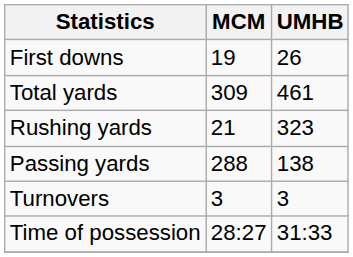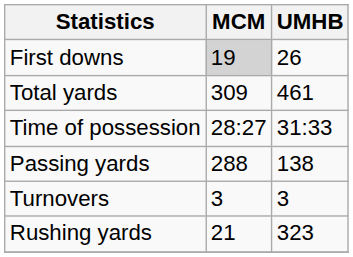 <table class="wikitable">
 <tr>
 <th>Statistics</th>
 <th>MCM</th>
 <th>UMHB</th>
 </tr>
 <tr>
 <td>First downs</td>
-<td>19</td>
+<td style="background: lightgrey;">19</td>
 <td>26</td>
 </tr>
 <tr>
 <td>Total yards</td>
 <td>309</td>
 <td>461</td>
 </tr>
 <tr>
-<td>Rushing yards</td>
-<td>21</td>
-<td>323</td>
+<td>Time of possession</td>
+<td>28:27</td>
+<td>31:33</td>
 </tr>
 <tr>
 <td>Passing yards</td>
 <td>288</td>
 <td>138</td>
 </tr>
 <tr>
 <td>Turnovers</td>
 <td>3</td>
 <td>3</td>
 </tr>
 <tr>
-<td>Time of possession</td>
-<td>28:27</td>
-<td>31:33</td>
+<td>Rushing yards</td>
+<td>21</td>
+<td>323</td>
 </tr>
 <tr>
 </tr>
 </table>
